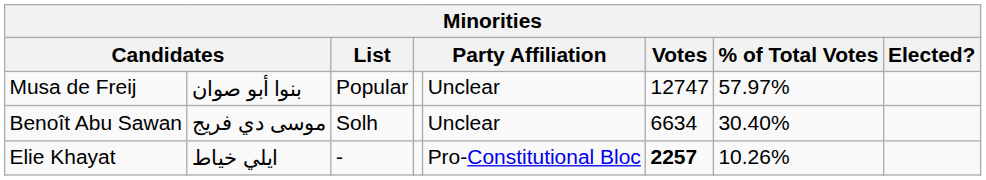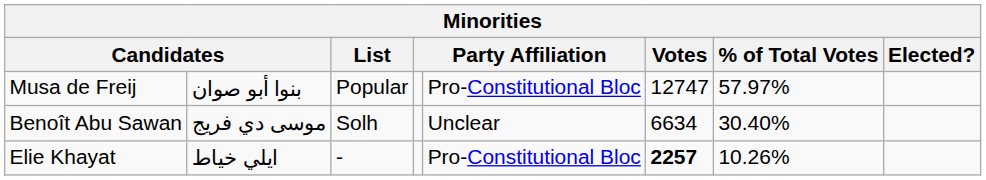 <table class="wikitable sortable">
 <tr>
 <th colspan="8">Minorities</th>
 </tr>
 <tr>
 <th colspan="2">Candidates</th>
 <th>List</th>
 <th colspan="2">Party Affiliation</th>
 <th>Votes</th>
 <th>% of Total Votes</th>
 <th>Elected?</th>
 </tr>
 <tr>
 <td>Musa de Freij</td>
 <td>بنوا أبو صوان</td>
 <td>Popular</td>
 <td style="background: "></td>
-<td>Unclear</td>
+<td>Pro-<a href='#'>Constitutional Bloc</a></td>
 <td>12747</td>
 <td>57.97%</td>
 <td></td>
 </tr>
 <tr>
 <td>Benoît Abu Sawan</td>
 <td>موسى دي فريج</td>
 <td>Solh</td>
 <td style="background: "></td>
 <td>Unclear</td>
 <td>6634</td>
 <td>30.40%</td>
 <td></td>
 </tr>
 <tr>
 <td>Elie Khayat</td>
 <td>ايلي خياط</td>
 <td>-</td>
 <td style="background: "></td>
 <td>Pro-<a href='#'>Constitutional Bloc</a></td>
 <td><strong>2257</strong></td>
 <td>10.26%</td>
 <td></td>
 </tr>
 </table>
